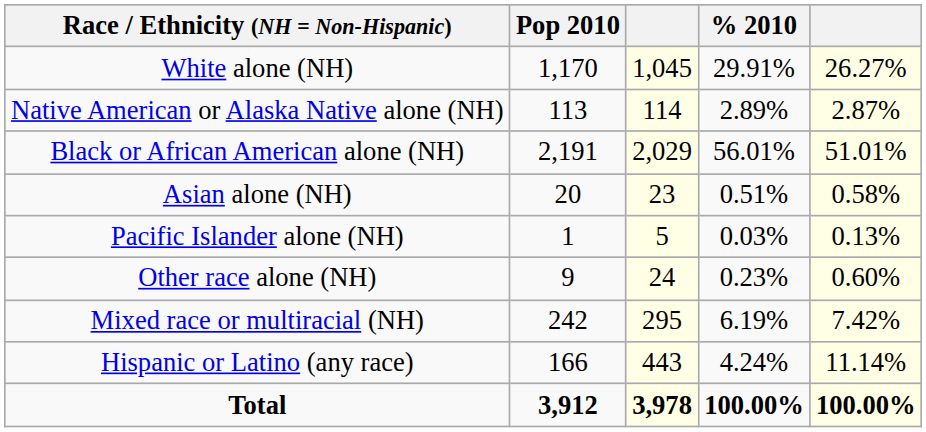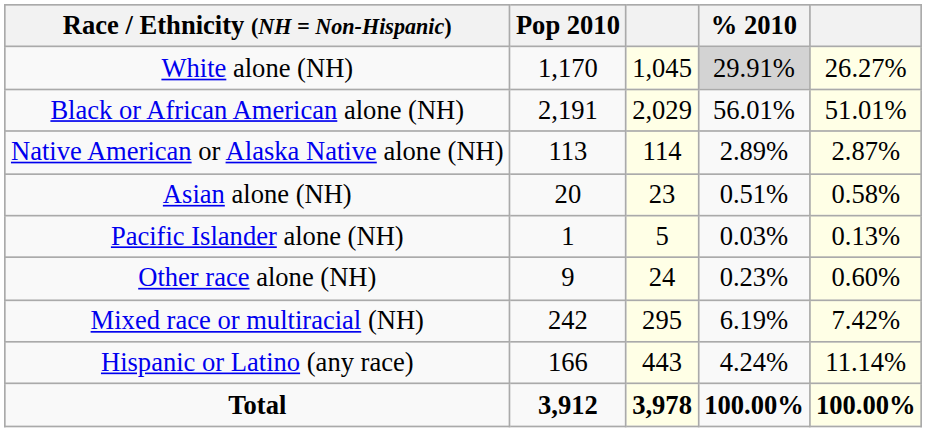 <table class="wikitable" style="text-align:center;">
 <tr>
 <th>Race / Ethnicity <small>(<em>NH = Non-Hispanic</em>)</small></th>
 <th>Pop 2010</th>
 <th></th>
 <th>% 2010</th>
 <th></th>
 </tr>
 <tr>
 <td><a href='#'>White</a> alone (NH)</td>
 <td>1,170</td>
 <td style='background: #ffffe6;'>1,045</td>
-<td>29.91%</td>
+<td style="background: lightgrey;">29.91%</td>
 <td style='background: #ffffe6;'>26.27%</td>
+</tr>
+<tr>
+<td><a href='#'>Black or African American</a> alone (NH)</td>
+<td>2,191</td>
+<td style='background: #ffffe6;'>2,029</td>
+<td>56.01%</td>
+<td style='background: #ffffe6;'>51.01%</td>
 </tr>
 <tr>
 <td><a href='#'>Native American</a> or <a href='#'>Alaska Native</a> alone (NH)</td>
 <td>113</td>
 <td style='background: #ffffe6;'>114</td>
 <td>2.89%</td>
 <td style='background: #ffffe6;'>2.87%</td>
-</tr>
-<tr>
-<td><a href='#'>Black or African American</a> alone (NH)</td>
-<td>2,191</td>
-<td style='background: #ffffe6;'>2,029</td>
-<td>56.01%</td>
-<td style='background: #ffffe6;'>51.01%</td>
 </tr>
 <tr>
 <td><a href='#'>Asian</a> alone (NH)</td>
 <td>20</td>
 <td style='background: #ffffe6;'>23</td>
 <td>0.51%</td>
 <td style='background: #ffffe6;'>0.58%</td>
 </tr>
 <tr>
 <td><a href='#'>Pacific Islander</a> alone (NH)</td>
 <td>1</td>
 <td style='background: #ffffe6;'>5</td>
 <td>0.03%</td>
 <td style='background: #ffffe6;'>0.13%</td>
 </tr>
 <tr>
 <td><a href='#'>Other race</a> alone (NH)</td>
 <td>9</td>
 <td style='background: #ffffe6;'>24</td>
 <td>0.23%</td>
 <td style='background: #ffffe6;'>0.60%</td>
 </tr>
 <tr>
 <td><a href='#'>Mixed race or multiracial</a> (NH)</td>
 <td>242</td>
 <td style='background: #ffffe6;'>295</td>
 <td>6.19%</td>
 <td style='background: #ffffe6;'>7.42%</td>
 </tr>
 <tr>
 <td><a href='#'>Hispanic or Latino</a> (any race)</td>
 <td>166</td>
 <td style='background: #ffffe6;'>443</td>
 <td>4.24%</td>
 <td style='background: #ffffe6;'>11.14%</td>
 </tr>
 <tr>
 <td><strong>Total</strong></td>
 <td><strong>3,912</strong></td>
 <td style='background: #ffffe6;'><strong>3,978</strong></td>
 <td><strong>100.00%</strong></td>
 <td style='background: #ffffe6;'><strong>100.00%</strong></td>
 </tr>
 </table>
